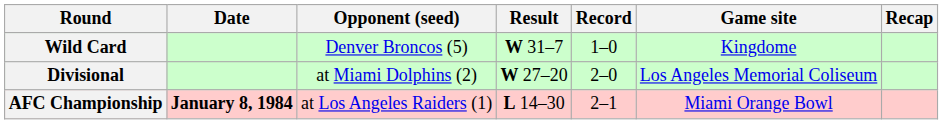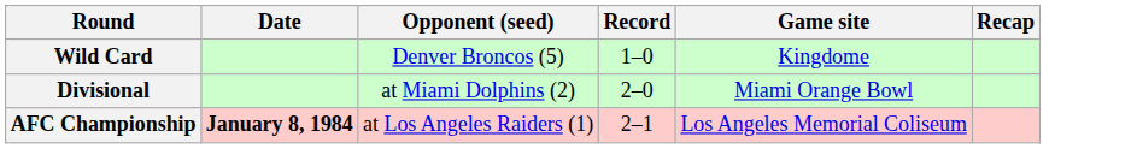 <table class="wikitable" style="text-align:center">
 <tr>
 <th>Round</th>
 <th>Date</th>
 <th>Opponent (seed)</th>
-<th>Result</th>
 <th>Record</th>
 <th>Game site</th>
 <th>Recap</th>
 </tr>
 <tr style="background:#cfc">
 <th>Wild Card</th>
 <td></td>
 <td><a href='#'>Denver Broncos</a> (5)</td>
-<td><strong>W</strong> 31–7</td>
 <td>1–0</td>
 <td><a href='#'>Kingdome</a></td>
 <td></td>
 </tr>
 <tr style="background:#cfc">
 <th>Divisional</th>
 <td></td>
 <td>at <a href='#'>Miami Dolphins</a> (2)</td>
-<td><strong>W</strong> 27–20</td>
 <td>2–0</td>
-<td><a href='#'>Los Angeles Memorial Coliseum</a></td>
+<td><a href='#'>Miami Orange Bowl</a></td>
 <td></td>
 </tr>
 <tr style="background:#fcc">
 <th>AFC Championship</th>
 <td><strong>January 8, 1984</strong></td>
 <td>at <a href='#'>Los Angeles Raiders</a> (1)</td>
-<td><strong>L</strong> 14–30</td>
 <td>2–1</td>
-<td><a href='#'>Miami Orange Bowl</a></td>
+<td><a href='#'>Los Angeles Memorial Coliseum</a></td>
 <td></td>
 </tr>
 </table>
